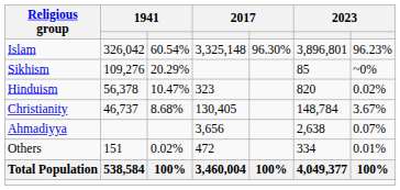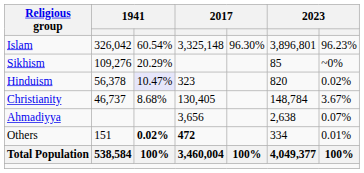 <table class="wikitable sortable">
 <tr>
 <th rowspan="2"><a href='#'>Religious</a><br>group</th>
 <th colspan="2">1941</th>
 <th colspan="2">2017</th>
 <th colspan="2">2023</th>
 </tr>
 <tr>
 <th><a href='#'></a></th>
 <th></th>
 <th></th>
 <th></th>
 <th></th>
 <th></th>
 </tr>
 <tr>
 <td><a href='#'>Islam</a> </td>
 <td>326,042</td>
 <td>60.54%</td>
 <td>3,325,148</td>
 <td>96.30%</td>
 <td>3,896,801</td>
 <td>96.23%</td>
 </tr>
 <tr>
 <td><a href='#'>Sikhism</a> </td>
 <td>109,276</td>
 <td>20.29%</td>
 <td></td>
 <td></td>
 <td>85</td>
 <td>~0%</td>
 </tr>
 <tr>
 <td><a href='#'>Hinduism</a> </td>
 <td>56,378</td>
-<td>10.47%</td>
+<td style="background: lavender;">10.47%</td>
 <td>323</td>
 <td></td>
 <td>820</td>
 <td>0.02%</td>
 </tr>
 <tr>
 <td><a href='#'>Christianity</a> </td>
 <td>46,737</td>
 <td>8.68%</td>
 <td>130,405</td>
 <td></td>
 <td>148,784</td>
 <td>3.67%</td>
 </tr>
 <tr>
 <td><a href='#'>Ahmadiyya</a> </td>
 <td></td>
 <td></td>
 <td>3,656</td>
 <td></td>
 <td>2,638</td>
 <td>0.07%</td>
 </tr>
 <tr>
 <td>Others</td>
 <td>151</td>
-<td>0.02%</td>
-<td>472</td>
+<td><strong>0.02%</strong></td>
+<td><strong>472</strong></td>
 <td></td>
 <td>334</td>
 <td>0.01%</td>
 </tr>
 <tr>
 <th>Total Population</th>
 <th>538,584</th>
 <th>100%</th>
 <th>3,460,004</th>
 <th>100%</th>
 <th>4,049,377</th>
 <th>100%</th>
 </tr>
 <tr class="sortbottom">
 <td colspan="7"></td>
 </tr>
 </table>
